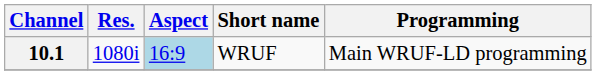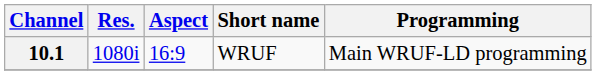 <table class="wikitable">
 <tr>
 <th><a href='#'>Channel</a></th>
 <th><a href='#'>Res.</a></th>
 <th><a href='#'>Aspect</a></th>
 <th>Short name</th>
 <th>Programming</th>
 </tr>
 <tr>
 <th scope = "row">10.1</th>
 <td><a href='#'>1080i</a></td>
-<td style="background: lightblue;"><a href='#'>16:9</a></td>
+<td><a href='#'>16:9</a></td>
 <td>WRUF</td>
 <td>Main WRUF-LD programming</td>
 </tr>
 <tr>
 </tr>
 </table>
